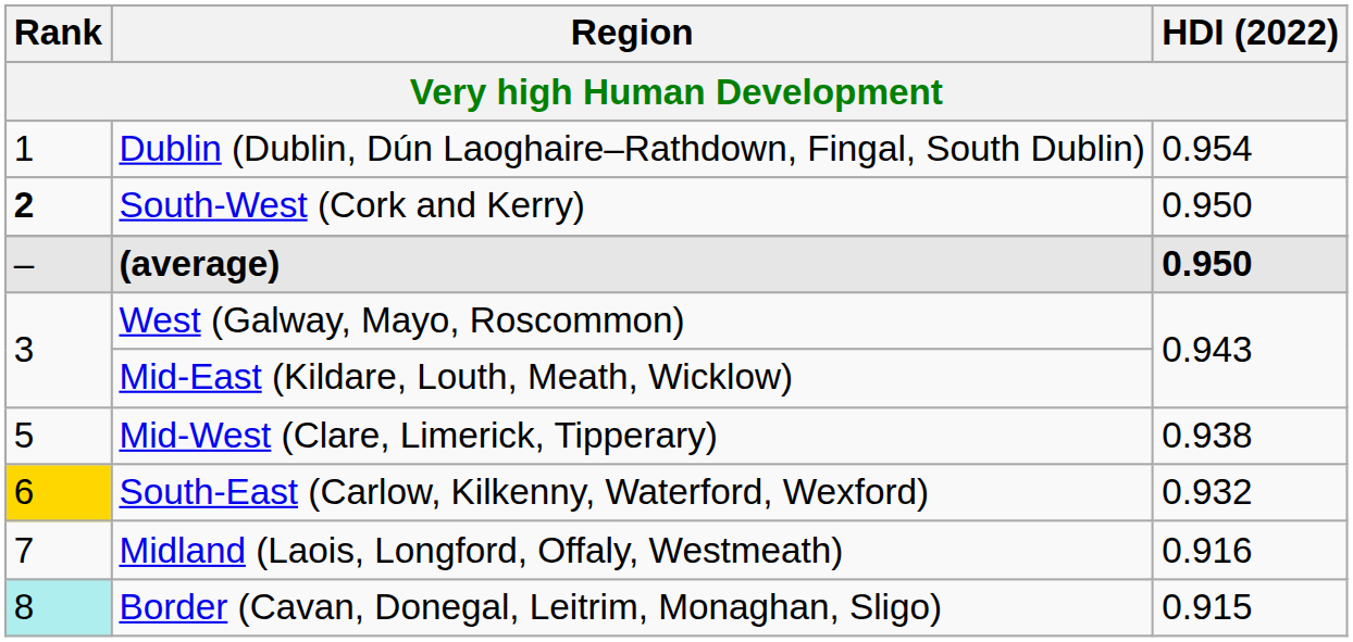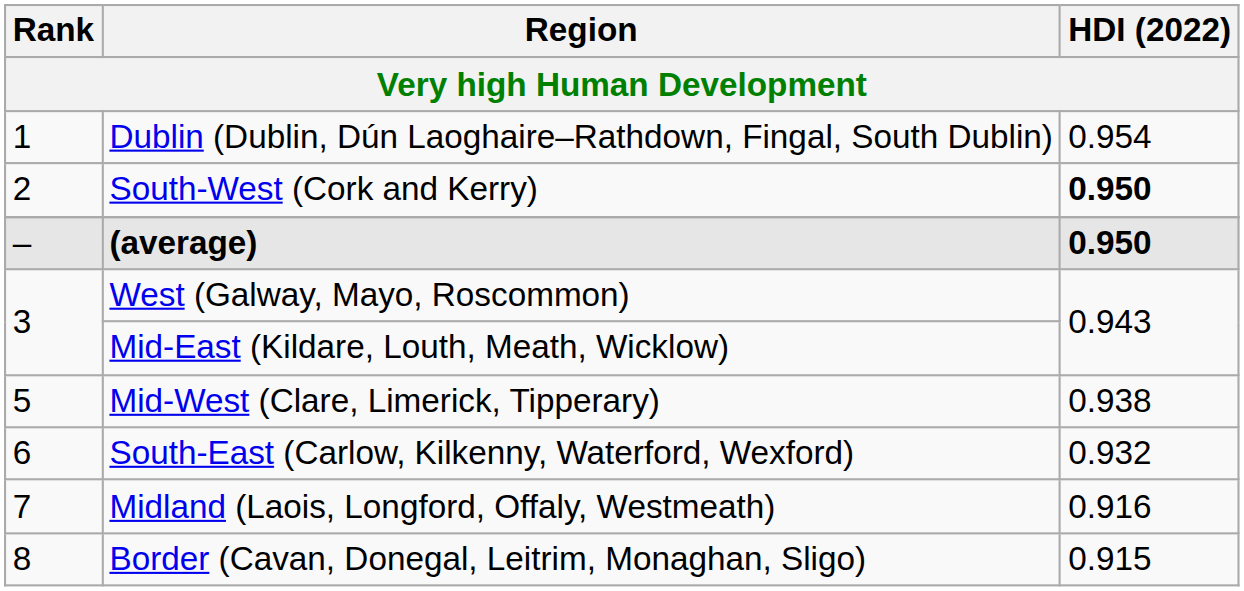 <table class="wikitable sortable">
 <tr>
 <th>Rank</th>
 <th>Region</th>
 <th>HDI (2022)</th>
 </tr>
 <tr>
 <th style="color:green;" colspan="3">Very high Human Development</th>
 </tr>
 <tr>
 <td>1</td>
 <td><a href='#'>Dublin</a> (Dublin, Dún Laoghaire–Rathdown, Fingal, South Dublin)</td>
 <td>0.954</td>
 </tr>
 <tr>
-<td><strong>2</strong></td>
+<td>2</td>
 <td><a href='#'>South-West</a> (Cork and Kerry)</td>
-<td>0.950</td>
+<td><strong>0.950</strong></td>
 </tr>
 <tr |->
 </tr>
 <tr style="background:#e6e6e6">
 <td>–</td>
 <td> <strong>(average)</strong></td>
 <td><strong>0.950</strong></td>
 </tr>
 <tr>
 <td rowspan="2">3</td>
 <td><a href='#'>West</a> (Galway, Mayo, Roscommon)</td>
 <td rowspan="2">0.943</td>
 </tr>
 <tr |->
 <td><a href='#'>Mid-East</a> (Kildare, Louth, Meath, Wicklow)</td>
 </tr>
 <tr>
 <td>5</td>
 <td><a href='#'>Mid-West</a> (Clare, Limerick, Tipperary)</td>
 <td>0.938</td>
 </tr>
 <tr>
-<td style="background: gold;">6</td>
+<td>6</td>
 <td><a href='#'>South-East</a> (Carlow, Kilkenny, Waterford, Wexford)</td>
 <td>0.932</td>
 </tr>
 <tr>
 <td>7</td>
 <td><a href='#'>Midland</a> (Laois, Longford, Offaly, Westmeath)</td>
 <td>0.916</td>
 </tr>
 <tr>
-<td style="background: paleturquoise;">8</td>
+<td>8</td>
 <td><a href='#'>Border</a> (Cavan, Donegal, Leitrim, Monaghan, Sligo)</td>
 <td>0.915</td>
 </tr>
 </table>
